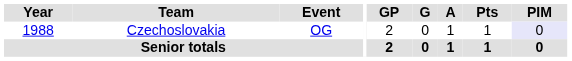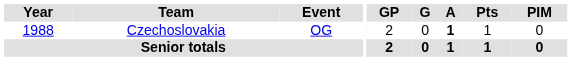 <table border="0" cellpadding="1" cellspacing="0" ID="Table3" style="text-align:center; width:40em">
 <tr ALIGN="center" bgcolor="#e0e0e0">
 <th>Year</th>
 <th>Team</th>
 <th>Event</th>
 <th rowspan="99" bgcolor="#ffffff"></th>
 <th>GP</th>
 <th>G</th>
 <th>A</th>
 <th>Pts</th>
 <th>PIM</th>
 </tr>
 <tr>
 <td><a href='#'>1988</a></td>
 <td><a href='#'>Czechoslovakia</a></td>
 <td><a href='#'>OG</a></td>
 <td>2</td>
 <td>0</td>
+<td><strong>1</strong></td>
 <td>1</td>
-<td>1</td>
-<td style="background: lavender;">0</td>
+<td>0</td>
 </tr>
 <tr bgcolor="#e0e0e0">
 <th colspan="3">Senior totals</th>
 <th>2</th>
 <th>0</th>
 <th>1</th>
 <th>1</th>
 <th>0</th>
 </tr>
 </table>
